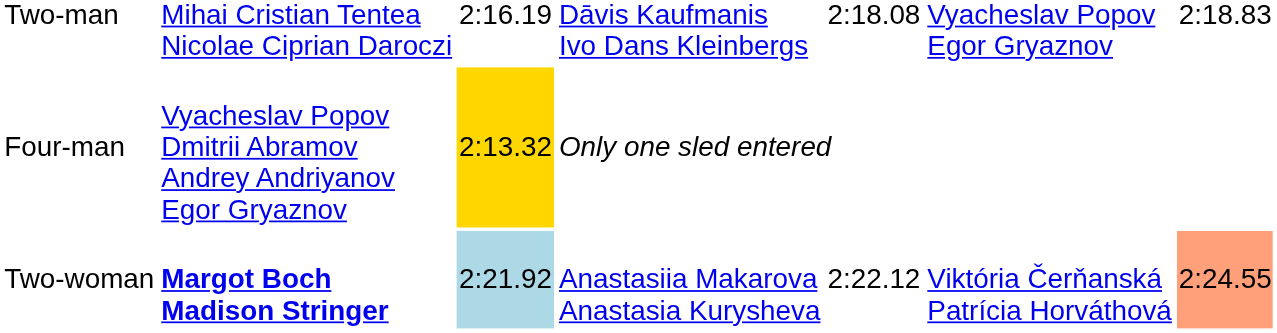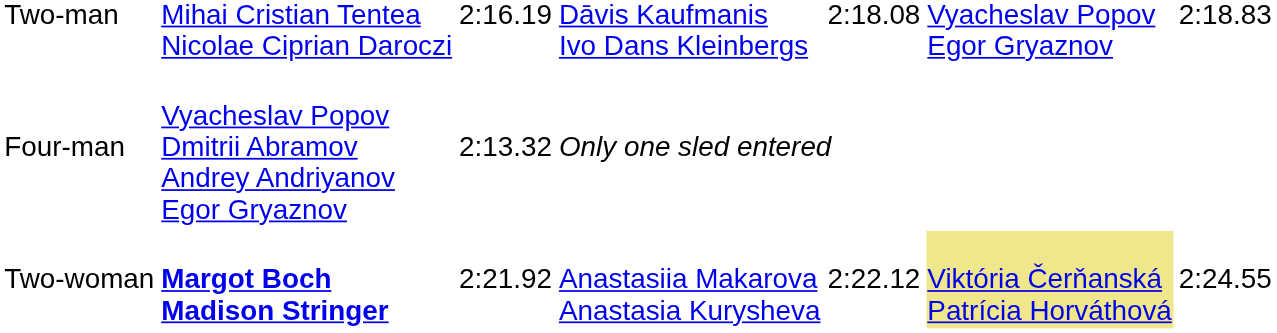 <table>
 <tr>
 <td>Two-man</td>
 <td><br><a href='#'>Mihai Cristian Tentea</a><br><a href='#'>Nicolae Ciprian Daroczi</a></td>
 <td>2:16.19</td>
 <td><br><a href='#'>Dāvis Kaufmanis</a><br><a href='#'>Ivo Dans Kleinbergs</a></td>
 <td>2:18.08</td>
 <td><br><a href='#'>Vyacheslav Popov</a><br><a href='#'>Egor Gryaznov</a></td>
 <td>2:18.83</td>
 </tr>
 <tr>
 <td>Four-man</td>
 <td><br><a href='#'>Vyacheslav Popov</a><br><a href='#'>Dmitrii Abramov</a><br><a href='#'>Andrey Andriyanov</a><br><a href='#'>Egor Gryaznov</a></td>
-<td style="background: gold;">2:13.32</td>
+<td>2:13.32</td>
 <td colspan=4><em>Only one sled entered</em></td>
 </tr>
 <tr>
 <td>Two-woman</td>
 <td><strong><br><a href='#'>Margot Boch</a><br><a href='#'>Madison Stringer</a></strong></td>
-<td style="background: lightblue;">2:21.92</td>
+<td>2:21.92</td>
 <td><br><a href='#'>Anastasiia Makarova</a><br><a href='#'>Anastasia Kurysheva</a></td>
 <td>2:22.12</td>
-<td><br><a href='#'>Viktória Čerňanská</a><br><a href='#'>Patrícia Horváthová</a></td>
-<td style="background: lightsalmon;">2:24.55</td>
+<td style="background: khaki;"><br><a href='#'>Viktória Čerňanská</a><br><a href='#'>Patrícia Horváthová</a></td>
+<td>2:24.55</td>
 </tr>
 </table>
